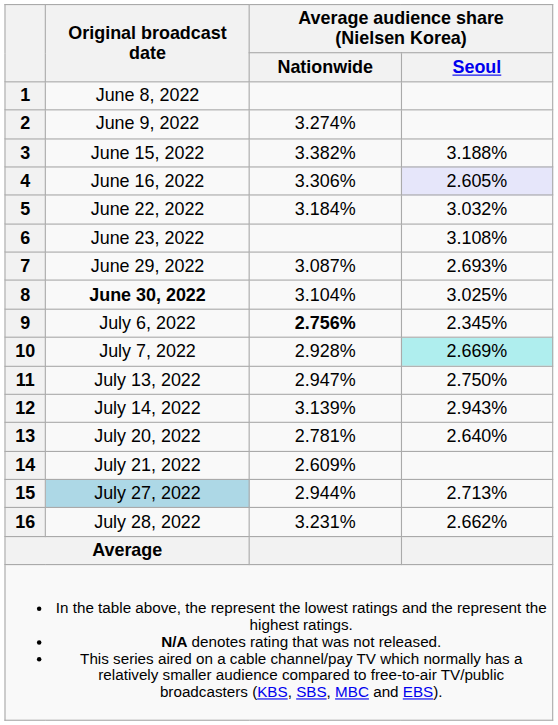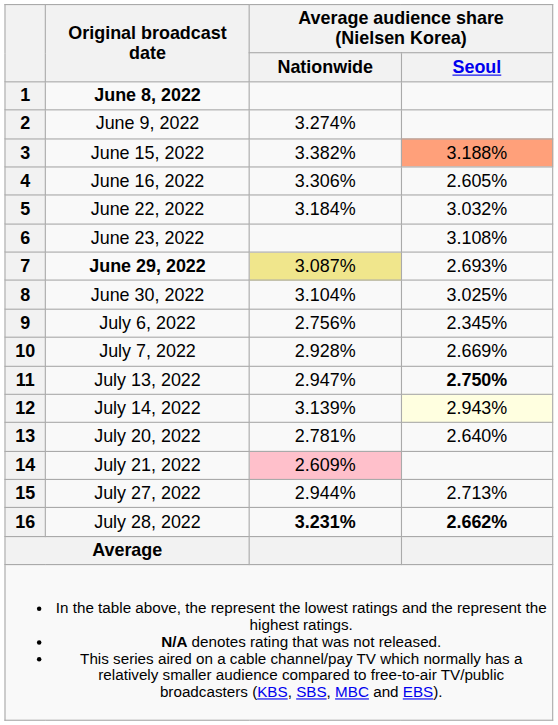 <table class="wikitable" style="margin-left:auto; margin-right:auto; width:490px; text-align:center">
 <tr>
 <th scope="col" rowspan="2"></th>
 <th scope="col" rowspan="2">Original broadcast date</th>
 <th scope="col" colspan="2">Average audience share<br>(Nielsen Korea)</th>
 </tr>
 <tr>
 <th scope="col" style="width:8em">Nationwide</th>
 <th scope="col" style="width:8em"><a href='#'>Seoul</a></th>
 </tr>
 <tr>
 <th scope="col">1</th>
-<td>June 8, 2022</td>
+<td><strong>June 8, 2022</strong></td>
 <td><strong></strong> </td>
 <td></td>
 </tr>
 <tr>
 <th scope="col">2</th>
 <td>June 9, 2022</td>
 <td>3.274% </td>
 <td><strong></strong> </td>
 </tr>
 <tr>
 <th scope="col">3</th>
 <td>June 15, 2022</td>
 <td>3.382% </td>
-<td>3.188% </td>
+<td style="background: lightsalmon;">3.188% </td>
 </tr>
 <tr>
 <th scope="col">4</th>
 <td>June 16, 2022</td>
 <td>3.306% </td>
-<td style="background: lavender;">2.605% </td>
+<td>2.605% </td>
 </tr>
 <tr>
 <th scope="col">5</th>
 <td>June 22, 2022</td>
 <td>3.184% </td>
 <td>3.032% </td>
 </tr>
 <tr>
 <th scope="col">6</th>
 <td>June 23, 2022</td>
 <td><strong></strong> </td>
 <td>3.108% </td>
 </tr>
 <tr>
 <th scope="col">7</th>
-<td>June 29, 2022</td>
-<td>3.087% </td>
+<td><strong>June 29, 2022</strong></td>
+<td style="background: khaki;">3.087% </td>
 <td>2.693% </td>
 </tr>
 <tr>
 <th scope="col">8</th>
-<td><strong>June 30, 2022</strong></td>
+<td>June 30, 2022</td>
 <td>3.104% </td>
 <td>3.025% </td>
 </tr>
 <tr>
 <th scope="col">9</th>
 <td>July 6, 2022</td>
-<td><strong>2.756% </strong></td>
+<td>2.756% </td>
 <td>2.345% </td>
 </tr>
 <tr>
 <th scope="col">10</th>
 <td>July 7, 2022</td>
 <td>2.928% </td>
-<td style="background: paleturquoise;">2.669% </td>
+<td>2.669% </td>
 </tr>
 <tr>
 <th scope="col">11</th>
 <td>July 13, 2022</td>
 <td>2.947% </td>
-<td>2.750% </td>
+<td><strong>2.750% </strong></td>
 </tr>
 <tr>
 <th scope="col">12</th>
 <td>July 14, 2022</td>
 <td>3.139% </td>
-<td>2.943% </td>
+<td style="background: lightyellow;">2.943% </td>
 </tr>
 <tr>
 <th scope="col">13</th>
 <td>July 20, 2022</td>
 <td>2.781% </td>
 <td>2.640% </td>
 </tr>
 <tr>
 <th scope="col">14</th>
 <td>July 21, 2022</td>
-<td>2.609% </td>
+<td style="background: pink;">2.609% </td>
 <td><strong></strong> </td>
 </tr>
 <tr>
 <th scope="col">15</th>
-<td style="background: lightblue;">July 27, 2022</td>
+<td>July 27, 2022</td>
 <td>2.944% </td>
 <td>2.713% </td>
 </tr>
 <tr>
 <th scope="col">16</th>
 <td>July 28, 2022</td>
-<td>3.231% </td>
-<td>2.662% </td>
+<td><strong>3.231% </strong></td>
+<td><strong>2.662% </strong></td>
 </tr>
 <tr>
 <th scope="col" colspan="2">Average</th>
 <th scope="col"></th>
 <th scope="col"></th>
 </tr>
 <tr>
 <td colspan="4" style="font-size:85%"><br><ul><li>In the table above, the <strong></strong> represent the lowest ratings and the <strong></strong> represent the highest ratings.</li><li><strong>N/A</strong> denotes rating that was not released.</li><li>This series aired on a cable channel/pay TV which normally has a relatively smaller audience compared to free-to-air TV/public broadcasters (<a href='#'>KBS</a>, <a href='#'>SBS</a>, <a href='#'>MBC</a> and <a href='#'>EBS</a>).</li></ul></td>
 </tr>
 </table>
